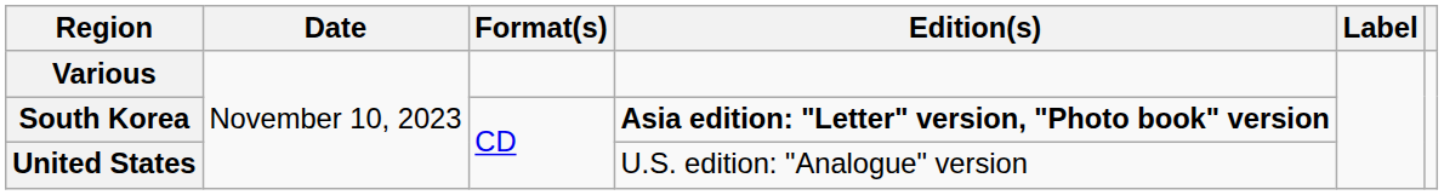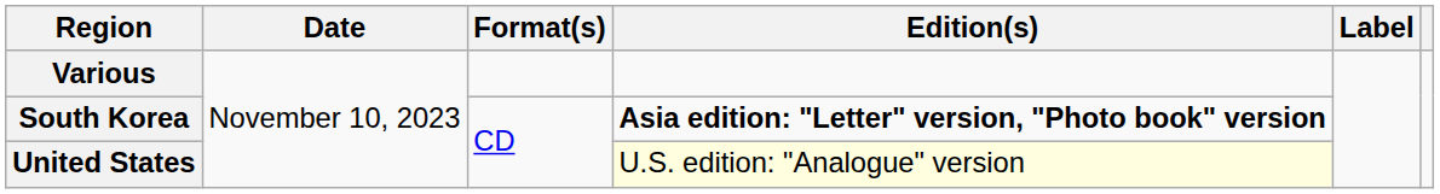 <table class="wikitable plainrowheaders">
 <tr>
 <th scope="col">Region</th>
 <th scope="col">Date</th>
 <th scope="col">Format(s)</th>
 <th scope="col">Edition(s)</th>
 <th scope="col">Label</th>
 <th scope="col"></th>
 </tr>
 <tr>
 <th scope="row">Various</th>
 <td rowspan="3">November 10, 2023</td>
 <td></td>
 <td></td>
 <td rowspan="3"></td>
 <td style="text-align:center;" rowspan="3"></td>
 </tr>
 <tr>
 <th scope="row">South Korea</th>
 <td rowspan="2"><a href='#'>CD</a></td>
 <td><strong>Asia edition: "Letter" version, "Photo book" version</strong></td>
 </tr>
 <tr>
 <th scope="row">United States</th>
-<td>U.S. edition: "Analogue" version</td>
+<td style="background: lightyellow;">U.S. edition: "Analogue" version</td>
 </tr>
 </table>
